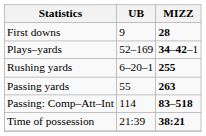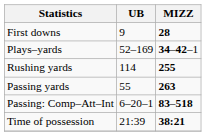 <table class="wikitable" style="float: left;">
 <tr>
 <th>Statistics</th>
 <th>UB</th>
 <th>MIZZ</th>
 </tr>
 <tr>
 <td>First downs</td>
 <td>9</td>
 <td><strong>28</strong></td>
 </tr>
 <tr>
 <td>Plays–yards</td>
 <td>52–169</td>
 <td><strong>34</strong>–<strong>42</strong>–1</td>
 </tr>
 <tr>
 <td>Rushing yards</td>
-<td>6–20–1</td>
+<td>114</td>
 <td><strong>255</strong></td>
 </tr>
 <tr>
 <td>Passing yards</td>
 <td>55</td>
 <td><strong>263</strong></td>
 </tr>
 <tr>
 <td>Passing: Comp–Att–Int</td>
-<td>114</td>
+<td>6–20–1</td>
 <td><strong>83</strong>–<strong>518</strong></td>
 </tr>
 <tr>
 <td>Time of possession</td>
 <td>21:39</td>
 <td><strong>38:21</strong></td>
 </tr>
 <tr>
 </tr>
 </table>
